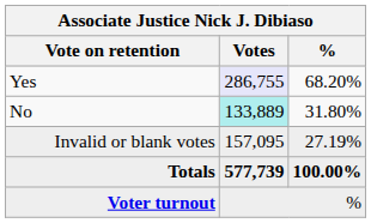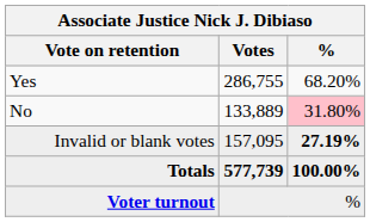 <table class="wikitable" style="font-size: 95%;">
 <tr style="background-color:#E9E9E9">
 <th colspan=7>Associate Justice Nick J. Dibiaso</th>
 </tr>
 <tr style="background-color:#E9E9E9">
 <th style="width: 170px">Vote on retention</th>
 <th style="width: 50px">Votes</th>
 <th style="width: 40px">%</th>
 </tr>
 <tr>
 <td>Yes</td>
-<td align="right" style="background: lavender;">286,755</td>
+<td align="right">286,755</td>
 <td align="right">68.20%</td>
 </tr>
 <tr>
 <td>No</td>
-<td align="right" style="background: paleturquoise;">133,889</td>
-<td align="right">31.80%</td>
+<td align="right">133,889</td>
+<td align="right" style="background: pink;">31.80%</td>
 </tr>
 <tr bgcolor="#EEEEEE">
 <td align="right">Invalid or blank votes</td>
 <td align="right">157,095</td>
-<td align="right">27.19%</td>
+<td align="right"><strong>27.19%</strong></td>
 </tr>
 <tr bgcolor="#EEEEEE">
 <td align="right"><strong>Totals</strong></td>
 <td align="right"><strong>577,739</strong></td>
 <td align="right"><strong>100.00%</strong></td>
 </tr>
 <tr bgcolor="#EEEEEE">
 <td align="right"><strong><a href='#'>Voter turnout</a></strong></td>
 <td colspan="2" align="right">%</td>
 </tr>
 </table>
